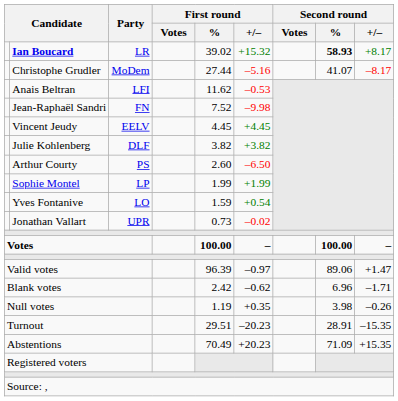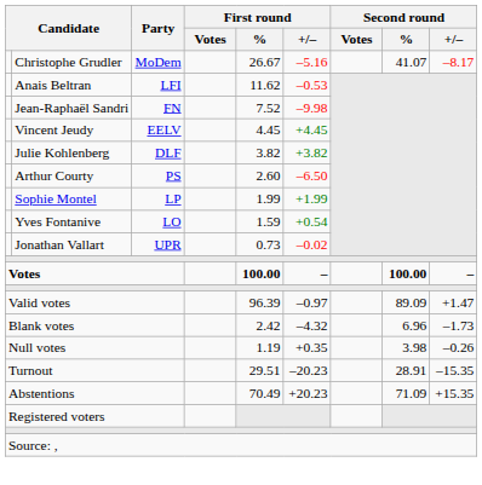 <table class="wikitable" style="text-align:right;font-size:95%;">
 <tr>
 <th rowspan="2" colspan="2">Candidate</th>
 <th rowspan="2">Party</th>
 <th colspan="3">First round</th>
 <th colspan="3">Second round</th>
 </tr>
 <tr>
 <th style="width:50px;">Votes</th>
 <th style="width:45px;">%</th>
 <th style="width:45px;">+/–</th>
 <th style="width:50px;">Votes</th>
 <th style="width:45px;">%</th>
 <th style="width:45px;">+/–</th>
 </tr>
 <tr>
 <td style="background:"></td>
-<td style="text-align:left;"><strong><a href='#'>Ian Boucard</a></strong></td>
-<td><a href='#'>LR</a></td>
-<td></td>
-<td>39.02</td>
-<td style="color:green;">+15.32</td>
-<td><strong></strong></td>
-<td><strong>58.93</strong></td>
-<td style="color:green;">+8.17</td>
-</tr>
-<tr>
-<td style="background:"></td>
 <td style="text-align:left;">Christophe Grudler</td>
 <td><a href='#'>MoDem</a></td>
 <td></td>
-<td>27.44</td>
+<td>26.67</td>
 <td style="color:red;">–5.16</td>
 <td></td>
 <td>41.07</td>
 <td style="color:red;">–8.17</td>
 </tr>
 <tr>
 <td style="background:"></td>
 <td style="text-align:left;">Anais Beltran</td>
 <td><a href='#'>LFI</a></td>
 <td></td>
 <td>11.62</td>
 <td style="color:red;">–0.53</td>
 <td colspan="3" rowspan="8" style="background:#E9E9E9;"></td>
 </tr>
 <tr>
 <td style="background:"></td>
 <td style="text-align:left;">Jean-Raphaël Sandri</td>
 <td><a href='#'>FN</a></td>
 <td></td>
 <td>7.52</td>
 <td style="color:red;">–9.98</td>
 </tr>
 <tr>
 <td style="background:"></td>
 <td style="text-align:left;">Vincent Jeudy</td>
 <td><a href='#'>EELV</a></td>
 <td></td>
 <td>4.45</td>
 <td style="color:green;">+4.45</td>
 </tr>
 <tr>
 <td style="background:"></td>
 <td style="text-align:left;">Julie Kohlenberg</td>
 <td><a href='#'>DLF</a></td>
 <td></td>
 <td>3.82</td>
 <td style="color:green;">+3.82</td>
 </tr>
 <tr>
 <td style="background:"></td>
 <td style="text-align:left;">Arthur Courty</td>
 <td><a href='#'>PS</a></td>
 <td></td>
 <td>2.60</td>
 <td style="color:red;">–6.50</td>
 </tr>
 <tr>
 <td style="background:"></td>
 <td style="text-align:left;"><a href='#'>Sophie Montel</a></td>
 <td><a href='#'>LP</a></td>
 <td></td>
 <td>1.99</td>
 <td style="color:green;">+1.99</td>
 </tr>
 <tr>
 <td style="background:"></td>
 <td style="text-align:left;">Yves Fontanive</td>
 <td><a href='#'>LO</a></td>
 <td></td>
 <td>1.59</td>
 <td style="color:green;">+0.54</td>
 </tr>
 <tr>
 <td style="background:"></td>
 <td style="text-align:left;">Jonathan Vallart</td>
 <td><a href='#'>UPR</a></td>
 <td></td>
 <td>0.73</td>
 <td style="color:red;">–0.02</td>
 </tr>
 <tr>
 <td colspan="9" style="background:#E9E9E9;"></td>
 </tr>
 <tr style="font-weight:bold;">
 <td colspan="3" style="text-align:left;">Votes</td>
 <td></td>
 <td>100.00</td>
 <td>–</td>
 <td></td>
 <td>100.00</td>
 <td>–</td>
 </tr>
 <tr>
 <td colspan="9" style="background:#E9E9E9;"></td>
 </tr>
 <tr>
 <td colspan="3" style="text-align:left;">Valid votes</td>
 <td></td>
 <td>96.39</td>
 <td>–0.97</td>
 <td></td>
-<td>89.06</td>
+<td>89.09</td>
 <td>+1.47</td>
 </tr>
 <tr>
 <td colspan="3" style="text-align:left;">Blank votes</td>
 <td></td>
 <td>2.42</td>
-<td>–0.62</td>
+<td>–4.32</td>
 <td></td>
 <td>6.96</td>
-<td>–1.71</td>
+<td>–1.73</td>
 </tr>
 <tr>
 <td colspan="3" style="text-align:left;">Null votes</td>
 <td></td>
 <td>1.19</td>
 <td>+0.35</td>
 <td></td>
 <td>3.98</td>
 <td>–0.26</td>
 </tr>
 <tr>
 <td colspan="3" style="text-align:left;">Turnout</td>
 <td></td>
 <td>29.51</td>
 <td>–20.23</td>
 <td></td>
 <td>28.91</td>
 <td>–15.35</td>
 </tr>
 <tr>
 <td colspan="3" style="text-align:left;">Abstentions</td>
 <td></td>
 <td>70.49</td>
 <td>+20.23</td>
 <td></td>
 <td>71.09</td>
 <td>+15.35</td>
 </tr>
 <tr>
 <td colspan="3" style="text-align:left;">Registered voters</td>
 <td></td>
 <td colspan="2" style="background:#E9E9E9;"></td>
 <td></td>
 <td colspan="2" style="background:#E9E9E9;"></td>
 </tr>
 <tr>
 <td colspan="9" style="background:#E9E9E9;"></td>
 </tr>
 <tr>
 <td colspan="9" style="text-align:left;">Source: , </td>
 </tr>
 </table>
